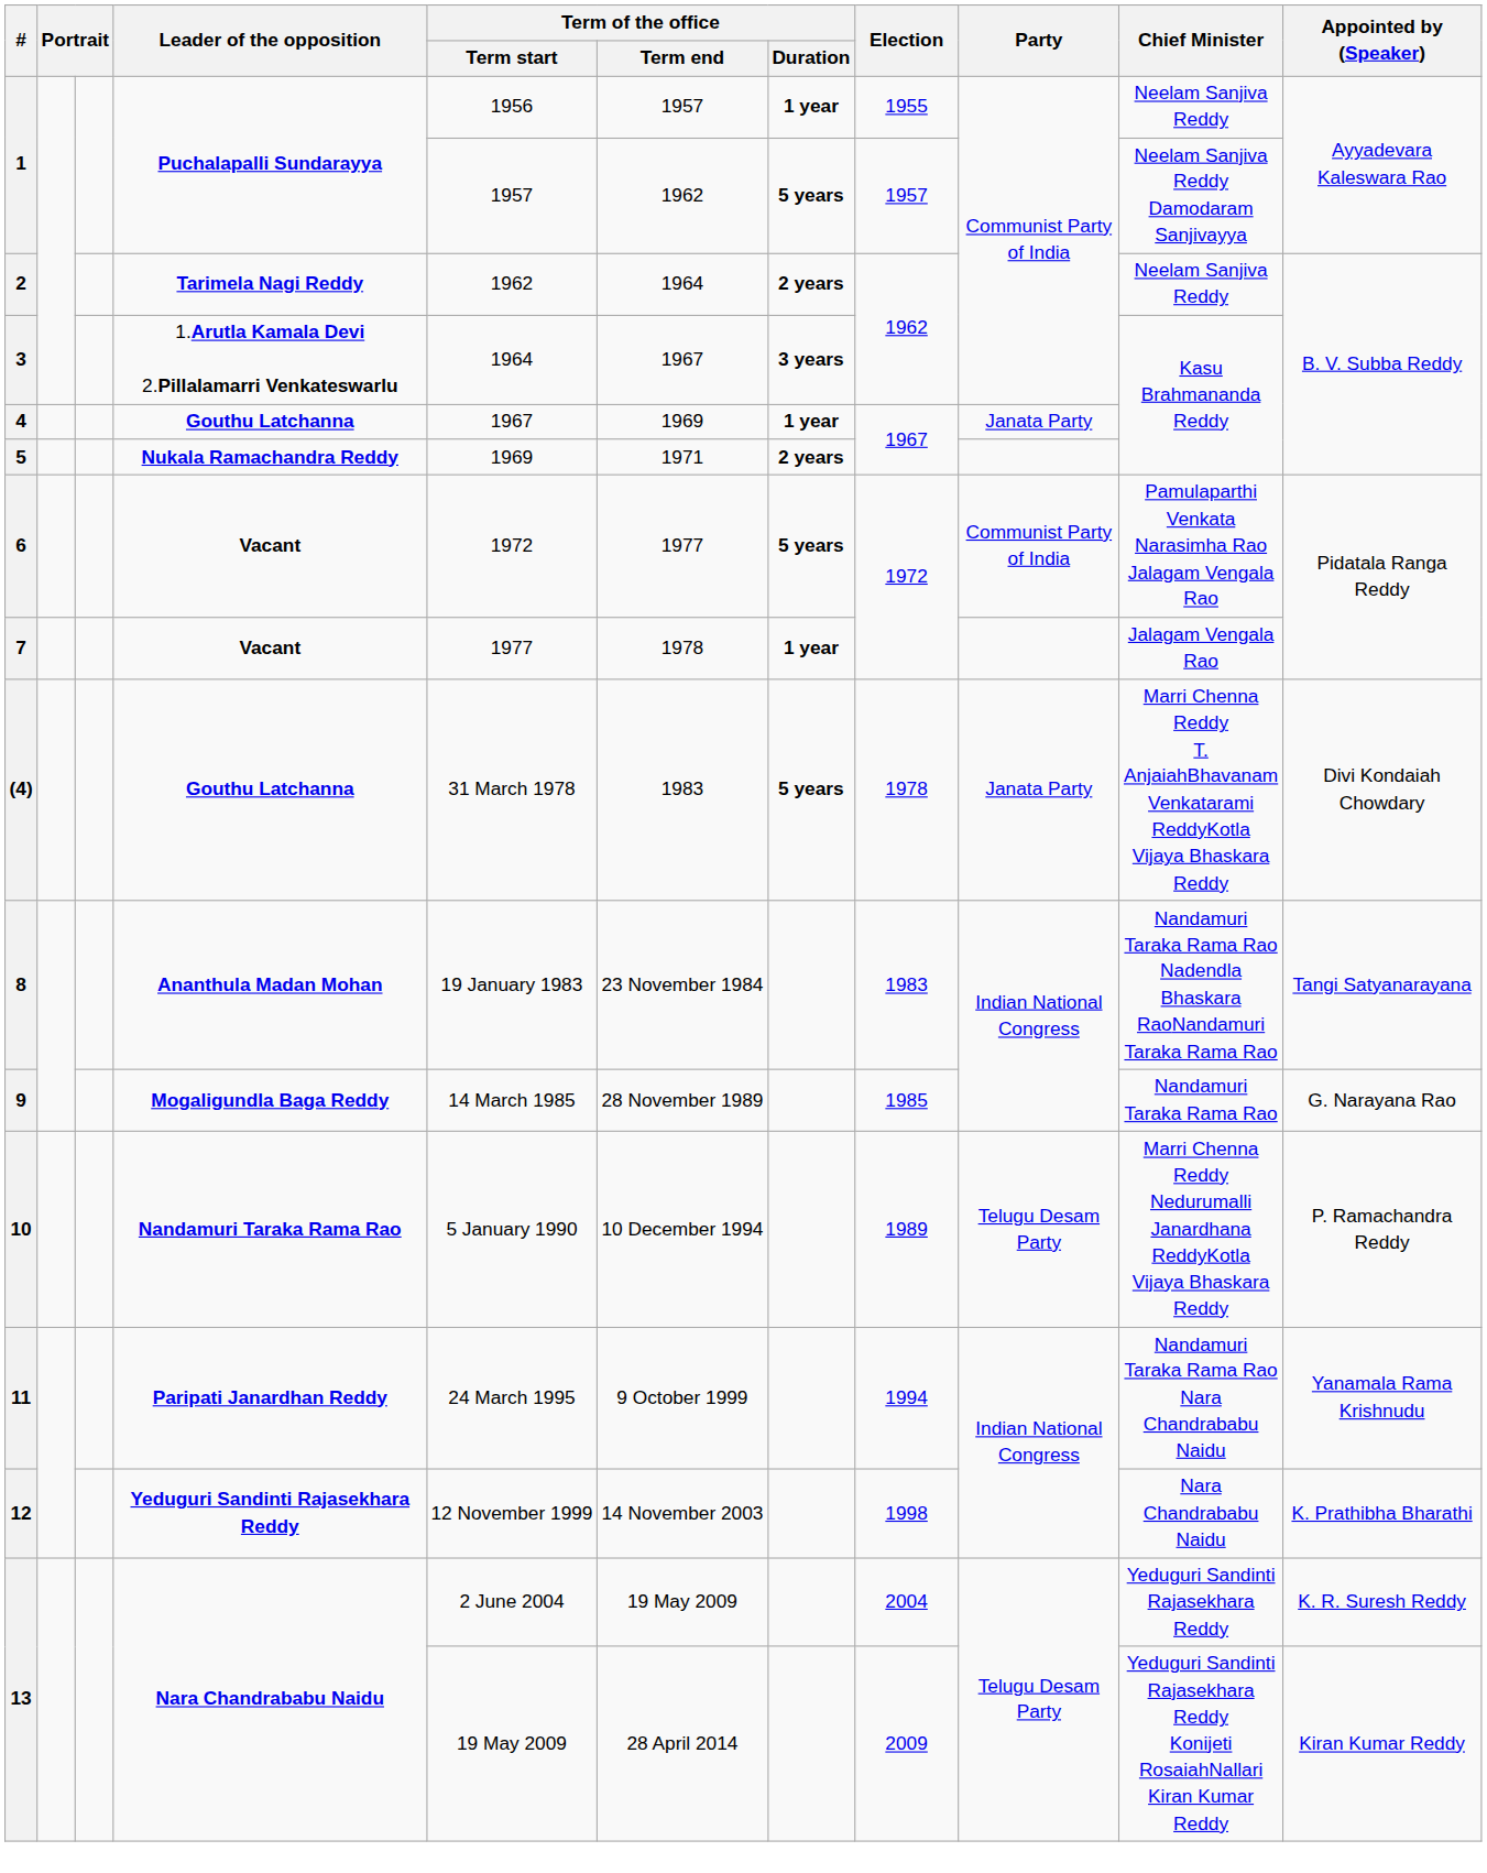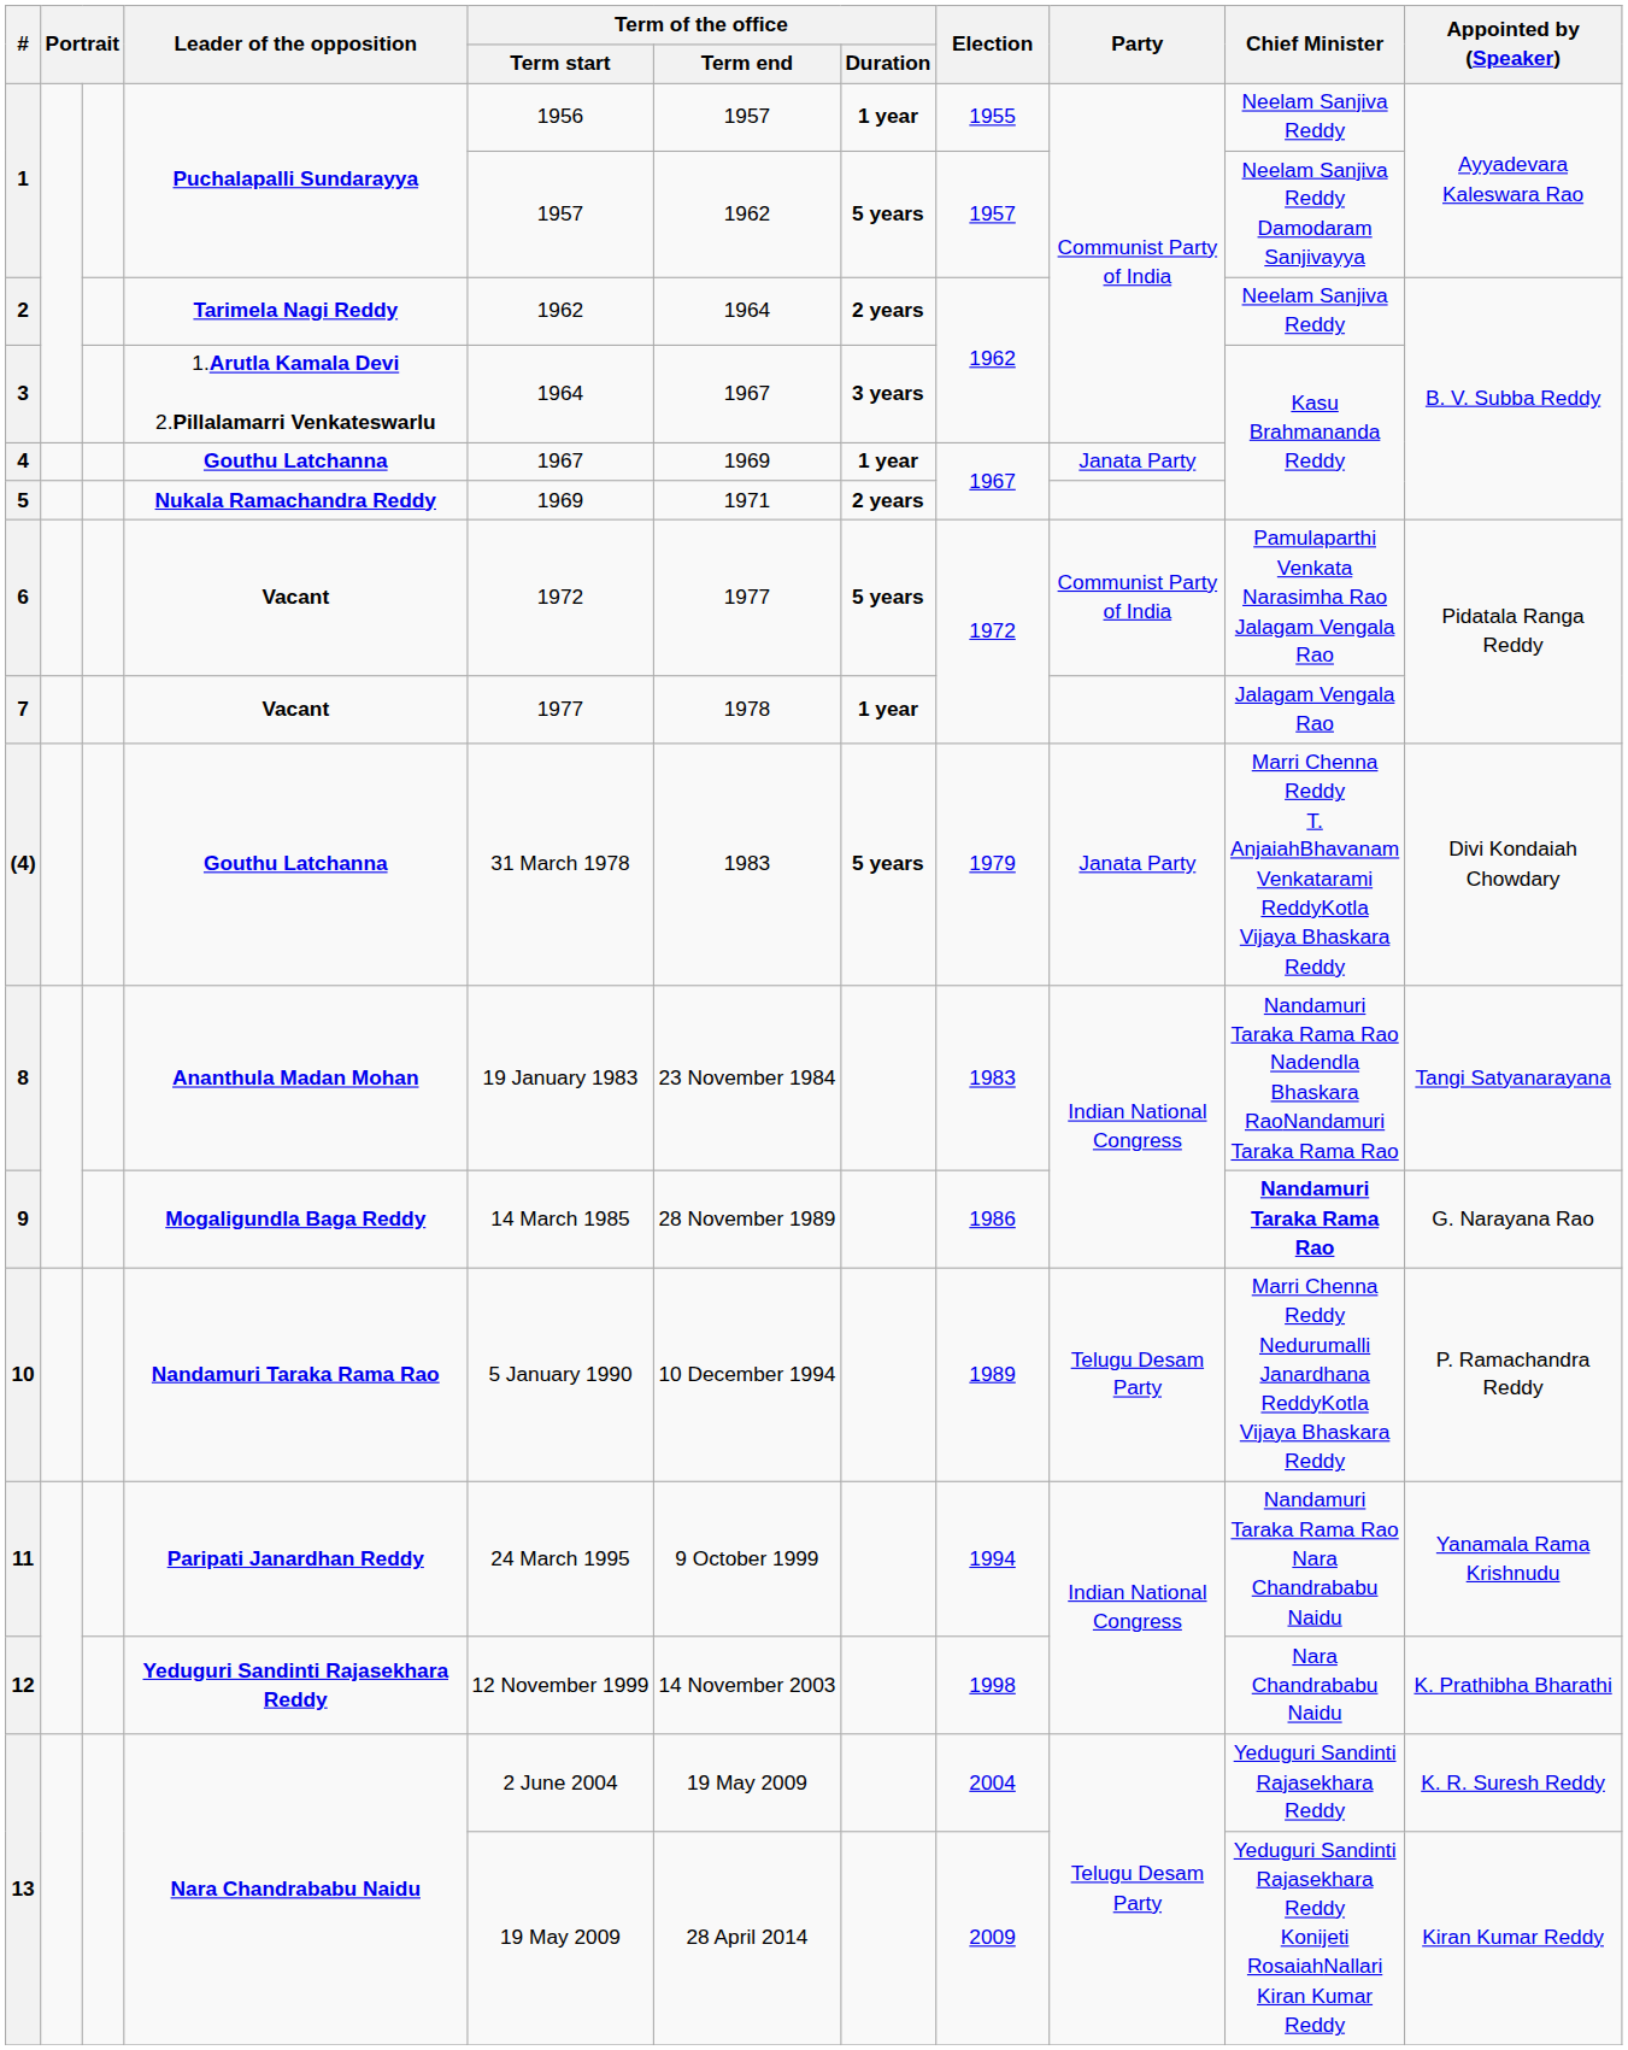 <table class="wikitable" style="line-height:1.4em; text-align:center">
 <tr>
 <th rowspan=2>#</th>
 <th rowspan=2 colspan="2">Portrait</th>
 <th rowspan=2 style="width:16em">Leader of the opposition<br></th>
 <th colspan="3">Term of the office</th>
 <th rowspan=2 style="width:5em">Election<br></th>
 <th rowspan=2 style="width:8em">Party</th>
 <th rowspan=2 style="width:8em">Chief Minister</th>
 <th rowspan=2 style="width:10em">Appointed by<br>(<a href='#'>Speaker</a>)</th>
 </tr>
 <tr>
 <th>Term start</th>
 <th>Term end</th>
 <th>Duration</th>
 </tr>
 <tr>
 <th rowspan=2>1</th>
 <td rowspan=4></td>
 <td rowspan=2></td>
 <td rowspan=2><strong><a href='#'>Puchalapalli Sundarayya</a></strong><br></td>
 <td>1956</td>
 <td>1957</td>
 <td><strong>1 year</strong></td>
 <td><a href='#'>1955</a><br></td>
 <td rowspan=4><a href='#'>Communist Party of India</a></td>
 <td><a href='#'>Neelam Sanjiva Reddy</a></td>
 <td rowspan="2"><a href='#'>Ayyadevara Kaleswara Rao</a></td>
 </tr>
 <tr>
 <td>1957</td>
 <td>1962</td>
 <td><strong>5 years</strong></td>
 <td><a href='#'>1957</a><br></td>
 <td><a href='#'>Neelam Sanjiva Reddy</a><br><a href='#'>Damodaram Sanjivayya</a></td>
 </tr>
 <tr>
 <th>2</th>
 <td></td>
 <td><strong><a href='#'>Tarimela Nagi Reddy</a></strong><br></td>
 <td>1962</td>
 <td>1964</td>
 <td><strong>2 years</strong></td>
 <td rowspan=2><a href='#'>1962</a><br></td>
 <td><a href='#'>Neelam Sanjiva Reddy</a></td>
 <td rowspan="4"><a href='#'>B. V. Subba Reddy</a></td>
 </tr>
 <tr>
 <th>3</th>
 <td></td>
 <td>1.<strong><a href='#'>Arutla Kamala Devi</a></strong><br><br>2.<strong>Pillalamarri Venkateswarlu</strong><br></td>
 <td>1964</td>
 <td>1967</td>
 <td><strong>3 years</strong></td>
 <td rowspan="3"><a href='#'>Kasu Brahmananda Reddy</a></td>
 </tr>
 <tr>
 <th>4</th>
 <td></td>
 <td></td>
 <td><strong><a href='#'>Gouthu Latchanna</a></strong><br></td>
 <td>1967</td>
 <td>1969</td>
 <td><strong>1 year</strong></td>
 <td rowspan=2><a href='#'>1967</a><br></td>
 <td><a href='#'>Janata Party</a></td>
 </tr>
 <tr>
 <th>5</th>
 <td></td>
 <td></td>
 <td><strong><a href='#'>Nukala Ramachandra Reddy</a></strong><br></td>
 <td>1969</td>
 <td>1971</td>
 <td><strong>2 years</strong></td>
 <td></td>
 </tr>
 <tr>
 <th>6</th>
 <td></td>
 <td></td>
 <td><strong>Vacant</strong></td>
 <td>1972</td>
 <td>1977</td>
 <td><strong>5 years</strong></td>
 <td rowspan=2><a href='#'>1972</a><br></td>
 <td><a href='#'>Communist Party of India</a></td>
 <td><a href='#'>Pamulaparthi Venkata Narasimha Rao</a><br><a href='#'>Jalagam Vengala Rao</a></td>
 <td rowspan="2">Pidatala Ranga Reddy</td>
 </tr>
 <tr>
 <th>7</th>
 <td></td>
 <td></td>
 <td><strong>Vacant</strong></td>
 <td>1977</td>
 <td>1978</td>
 <td><strong>1 year</strong></td>
 <td></td>
 <td><a href='#'>Jalagam Vengala Rao</a></td>
 </tr>
 <tr>
 <th>(4)</th>
 <td></td>
 <td></td>
 <td><strong><a href='#'>Gouthu Latchanna</a></strong><br></td>
 <td>31 March 1978</td>
 <td>1983</td>
 <td><strong>5 years</strong></td>
-<td><a href='#'>1978</a><br></td>
+<td><a href='#'>1979</a><br></td>
 <td><a href='#'>Janata Party</a></td>
 <td><a href='#'>Marri Chenna Reddy</a><br><a href='#'>T. Anjaiah</a><a href='#'>Bhavanam Venkatarami Reddy</a><a href='#'>Kotla Vijaya Bhaskara Reddy</a></td>
 <td>Divi Kondaiah Chowdary</td>
 </tr>
 <tr>
 <th>8</th>
 <td rowspan=2></td>
 <td></td>
 <td><strong><a href='#'>Ananthula Madan Mohan</a></strong><br></td>
 <td>19 January 1983</td>
 <td>23 November 1984</td>
 <td><strong></strong></td>
 <td><a href='#'>1983</a><br></td>
 <td rowspan="2"><a href='#'>Indian National Congress</a></td>
 <td><a href='#'>Nandamuri Taraka Rama Rao</a><br><a href='#'>Nadendla Bhaskara Rao</a><a href='#'>Nandamuri Taraka Rama Rao</a></td>
 <td><a href='#'>Tangi Satyanarayana</a></td>
 </tr>
 <tr>
 <th>9</th>
 <td></td>
 <td><strong><a href='#'>Mogaligundla Baga Reddy</a></strong><br></td>
 <td>14 March 1985</td>
 <td>28 November 1989</td>
 <td><strong></strong></td>
-<td><a href='#'>1985</a><br></td>
-<td><a href='#'>Nandamuri Taraka Rama Rao</a></td>
+<td><a href='#'>1986</a><br></td>
+<td><strong><a href='#'>Nandamuri Taraka Rama Rao</a></strong></td>
 <td>G. Narayana Rao</td>
 </tr>
 <tr>
 <th>10</th>
 <td></td>
 <td></td>
 <td><strong><a href='#'>Nandamuri Taraka Rama Rao</a></strong><br></td>
 <td>5 January 1990</td>
 <td>10 December 1994</td>
 <td><strong></strong></td>
 <td><a href='#'>1989</a><br></td>
 <td><a href='#'>Telugu Desam Party</a></td>
 <td><a href='#'>Marri Chenna Reddy</a><br><a href='#'>Nedurumalli Janardhana Reddy</a><a href='#'>Kotla Vijaya Bhaskara Reddy</a></td>
 <td>P. Ramachandra Reddy</td>
 </tr>
 <tr>
 <th>11</th>
 <td rowspan=2></td>
 <td></td>
 <td><strong><a href='#'>Paripati Janardhan Reddy</a></strong><br></td>
 <td>24 March 1995</td>
 <td>9 October 1999</td>
 <td><strong></strong></td>
 <td><a href='#'>1994</a><br></td>
 <td rowspan=2><a href='#'>Indian National Congress</a></td>
 <td><a href='#'>Nandamuri Taraka Rama Rao</a><br><a href='#'>Nara Chandrababu Naidu</a></td>
 <td><a href='#'>Yanamala Rama Krishnudu</a></td>
 </tr>
 <tr>
 <th>12</th>
 <td></td>
 <td><strong><a href='#'>Yeduguri Sandinti Rajasekhara Reddy</a></strong><br></td>
 <td>12 November 1999</td>
 <td>14 November 2003</td>
 <td><strong></strong></td>
 <td><a href='#'>1998</a><br></td>
 <td><a href='#'>Nara Chandrababu Naidu</a></td>
 <td><a href='#'>K. Prathibha Bharathi</a></td>
 </tr>
 <tr>
 <th rowspan=2>13</th>
 <td rowspan=2></td>
 <td rowspan=2></td>
 <td rowspan=2><strong><a href='#'>Nara Chandrababu Naidu</a></strong><br></td>
 <td>2 June 2004</td>
 <td>19 May 2009</td>
 <td><strong></strong></td>
 <td><a href='#'>2004</a><br></td>
 <td rowspan=2><a href='#'>Telugu Desam Party</a></td>
 <td><a href='#'>Yeduguri Sandinti Rajasekhara Reddy</a></td>
 <td><a href='#'>K. R. Suresh Reddy</a></td>
 </tr>
 <tr>
 <td>19 May 2009</td>
 <td>28 April 2014</td>
 <td><strong></strong></td>
 <td><a href='#'>2009</a><br></td>
 <td><a href='#'>Yeduguri Sandinti Rajasekhara Reddy</a><br><a href='#'>Konijeti Rosaiah</a><a href='#'>Nallari Kiran Kumar Reddy</a></td>
 <td><a href='#'>Kiran Kumar Reddy</a></td>
 </tr>
 </table>
